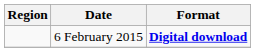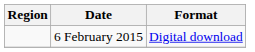 <table class=wikitable>
 <tr>
 <th>Region</th>
 <th>Date</th>
 <th>Format</th>
 </tr>
 <tr>
 <td></td>
 <td>6 February 2015</td>
-<td><strong><a href='#'>Digital download</a></strong></td>
+<td><a href='#'>Digital download</a></td>
 </tr>
 <tr>
 </tr>
 </table>
